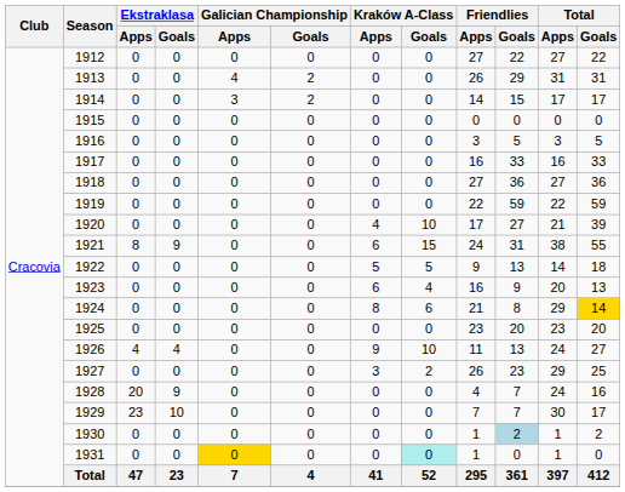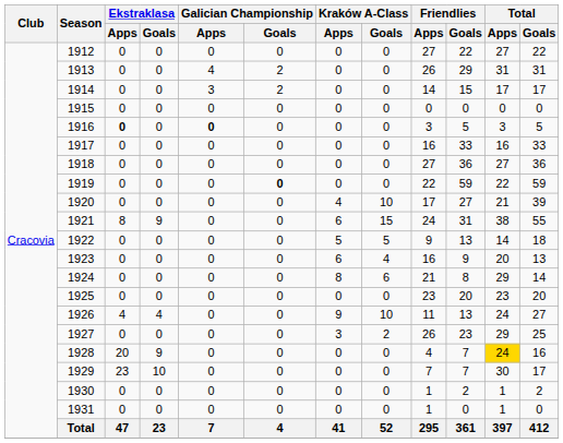 <table class="wikitable" style="font-size:100%; text-align: center;">
 <tr>
 <th rowspan=2>Club</th>
 <th rowspan=2>Season</th>
 <th colspan=2><a href='#'>Ekstraklasa</a></th>
 <th colspan=2>Galician Championship</th>
 <th colspan=2>Kraków A-Class</th>
 <th colspan=2>Friendlies</th>
 <th colspan=2>Total</th>
 </tr>
 <tr>
 <th>Apps</th>
 <th>Goals</th>
 <th>Apps</th>
 <th>Goals</th>
 <th>Apps</th>
 <th>Goals</th>
 <th>Apps</th>
 <th>Goals</th>
 <th>Apps</th>
 <th>Goals</th>
 </tr>
 <tr>
 <td rowspan=21><a href='#'>Cracovia</a></td>
 <td>1912</td>
 <td>0</td>
 <td>0</td>
 <td>0</td>
 <td>0</td>
 <td>0</td>
 <td>0</td>
 <td>27</td>
 <td>22</td>
 <td>27</td>
 <td>22</td>
 </tr>
 <tr>
 <td>1913</td>
 <td>0</td>
 <td>0</td>
 <td>4</td>
 <td>2</td>
 <td>0</td>
 <td>0</td>
 <td>26</td>
 <td>29</td>
 <td>31</td>
 <td>31</td>
 </tr>
 <tr>
 <td>1914</td>
 <td>0</td>
 <td>0</td>
 <td>3</td>
 <td>2</td>
 <td>0</td>
 <td>0</td>
 <td>14</td>
 <td>15</td>
 <td>17</td>
 <td>17</td>
 </tr>
 <tr>
 <td>1915</td>
 <td>0</td>
 <td>0</td>
 <td>0</td>
 <td>0</td>
 <td>0</td>
 <td>0</td>
 <td>0</td>
 <td>0</td>
 <td>0</td>
 <td>0</td>
 </tr>
 <tr>
 <td>1916</td>
+<td><strong>0</strong></td>
 <td>0</td>
-<td>0</td>
-<td>0</td>
+<td><strong>0</strong></td>
 <td>0</td>
 <td>0</td>
 <td>0</td>
 <td>3</td>
 <td>5</td>
 <td>3</td>
 <td>5</td>
 </tr>
 <tr>
 <td>1917</td>
 <td>0</td>
 <td>0</td>
 <td>0</td>
 <td>0</td>
 <td>0</td>
 <td>0</td>
 <td>16</td>
 <td>33</td>
 <td>16</td>
 <td>33</td>
 </tr>
 <tr>
 <td>1918</td>
 <td>0</td>
 <td>0</td>
 <td>0</td>
 <td>0</td>
 <td>0</td>
 <td>0</td>
 <td>27</td>
 <td>36</td>
 <td>27</td>
 <td>36</td>
 </tr>
 <tr>
 <td>1919</td>
 <td>0</td>
 <td>0</td>
 <td>0</td>
-<td>0</td>
+<td><strong>0</strong></td>
 <td>0</td>
 <td>0</td>
 <td>22</td>
 <td>59</td>
 <td>22</td>
 <td>59</td>
 </tr>
 <tr>
 <td>1920</td>
 <td>0</td>
 <td>0</td>
 <td>0</td>
 <td>0</td>
 <td>4</td>
 <td>10</td>
 <td>17</td>
 <td>27</td>
 <td>21</td>
 <td>39</td>
 </tr>
 <tr>
 <td>1921</td>
 <td>8</td>
 <td>9</td>
 <td>0</td>
 <td>0</td>
 <td>6</td>
 <td>15</td>
 <td>24</td>
 <td>31</td>
 <td>38</td>
 <td>55</td>
 </tr>
 <tr>
 <td>1922</td>
 <td>0</td>
 <td>0</td>
 <td>0</td>
 <td>0</td>
 <td>5</td>
 <td>5</td>
 <td>9</td>
 <td>13</td>
 <td>14</td>
 <td>18</td>
 </tr>
 <tr>
 <td>1923</td>
 <td>0</td>
 <td>0</td>
 <td>0</td>
 <td>0</td>
 <td>6</td>
 <td>4</td>
 <td>16</td>
 <td>9</td>
 <td>20</td>
 <td>13</td>
 </tr>
 <tr>
 <td>1924</td>
 <td>0</td>
 <td>0</td>
 <td>0</td>
 <td>0</td>
 <td>8</td>
 <td>6</td>
 <td>21</td>
 <td>8</td>
 <td>29</td>
-<td style="background: gold;">14</td>
+<td>14</td>
 </tr>
 <tr>
 <td>1925</td>
 <td>0</td>
 <td>0</td>
 <td>0</td>
 <td>0</td>
 <td>0</td>
 <td>0</td>
 <td>23</td>
 <td>20</td>
 <td>23</td>
 <td>20</td>
 </tr>
 <tr>
 <td>1926</td>
 <td>4</td>
 <td>4</td>
 <td>0</td>
 <td>0</td>
 <td>9</td>
 <td>10</td>
 <td>11</td>
 <td>13</td>
 <td>24</td>
 <td>27</td>
 </tr>
 <tr>
 <td>1927</td>
 <td>0</td>
 <td>0</td>
 <td>0</td>
 <td>0</td>
 <td>3</td>
 <td>2</td>
 <td>26</td>
 <td>23</td>
 <td>29</td>
 <td>25</td>
 </tr>
 <tr>
 <td>1928</td>
 <td>20</td>
 <td>9</td>
 <td>0</td>
 <td>0</td>
 <td>0</td>
 <td>0</td>
 <td>4</td>
 <td>7</td>
-<td>24</td>
+<td style="background: gold;">24</td>
 <td>16</td>
 </tr>
 <tr>
 <td>1929</td>
 <td>23</td>
 <td>10</td>
 <td>0</td>
 <td>0</td>
 <td>0</td>
 <td>0</td>
 <td>7</td>
 <td>7</td>
 <td>30</td>
 <td>17</td>
 </tr>
 <tr>
 <td>1930</td>
 <td>0</td>
 <td>0</td>
 <td>0</td>
 <td>0</td>
 <td>0</td>
 <td>0</td>
 <td>1</td>
-<td style="background: lightblue;">2</td>
+<td>2</td>
 <td>1</td>
 <td>2</td>
 </tr>
 <tr>
 <td>1931</td>
 <td>0</td>
 <td>0</td>
-<td style="background: gold;">0</td>
 <td>0</td>
 <td>0</td>
-<td style="background: paleturquoise;">0</td>
+<td>0</td>
+<td>0</td>
 <td>1</td>
 <td>0</td>
 <td>1</td>
 <td>0</td>
 </tr>
 <tr>
 <th>Total</th>
 <th>47</th>
 <th>23</th>
 <th>7</th>
 <th>4</th>
 <th>41</th>
 <th>52</th>
 <th>295</th>
 <th>361</th>
 <th>397</th>
 <th>412</th>
 </tr>
 <tr>
 </tr>
 </table>
